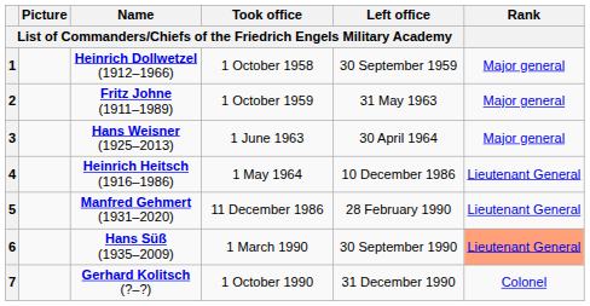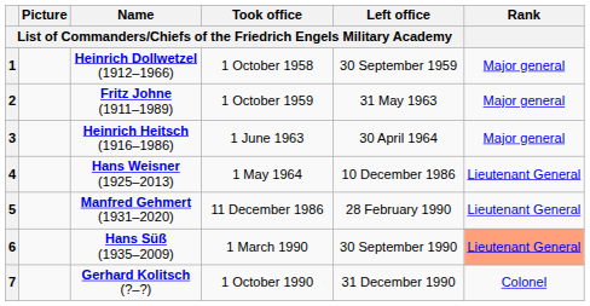 <table class="wikitable" style="text-align:center">
 <tr>
 <th></th>
 <th>Picture</th>
 <th width="150">Name<br></th>
 <th width="150">Took office</th>
 <th width="150">Left office</th>
 <th><strong>Rank</strong></th>
 </tr>
 <tr>
 <th colspan="5" align="center">List of Commanders/Chiefs of the Friedrich Engels Military Academy</th>
 <th></th>
 </tr>
 <tr>
 <th style="background:">1</th>
 <td></td>
 <td><strong><a href='#'>Heinrich Dollwetzel</a></strong><br>(1912–1966)</td>
 <td>1 October 1958</td>
 <td>30 September 1959</td>
 <td><a href='#'>Major general</a></td>
 </tr>
 <tr>
 <th style="background:">2</th>
 <td></td>
 <td><strong><a href='#'>Fritz Johne</a></strong><br>(1911–1989)</td>
 <td>1 October 1959</td>
 <td>31 May 1963</td>
 <td><a href='#'>Major general</a></td>
 </tr>
 <tr>
 <th style="background:">3</th>
 <td></td>
-<td><strong><a href='#'>Hans Weisner</a></strong><br>(1925–2013)</td>
+<td><strong><a href='#'>Heinrich Heitsch</a></strong><br>(1916–1986)</td>
 <td>1 June 1963</td>
 <td>30 April 1964</td>
 <td><a href='#'>Major general</a></td>
 </tr>
 <tr>
 <th style="background:">4</th>
 <td></td>
-<td><strong><a href='#'>Heinrich Heitsch</a></strong><br>(1916–1986)</td>
+<td><strong><a href='#'>Hans Weisner</a></strong><br>(1925–2013)</td>
 <td>1 May 1964</td>
 <td>10 December 1986</td>
 <td><a href='#'>Lieutenant General</a></td>
 </tr>
 <tr>
 <th style="background:">5</th>
 <td></td>
 <td><strong><a href='#'>Manfred Gehmert</a></strong><br>(1931–2020)</td>
 <td>11 December 1986</td>
 <td>28 February 1990</td>
 <td><a href='#'>Lieutenant General</a></td>
 </tr>
 <tr>
 <th style="background:">6</th>
 <td></td>
 <td><strong><a href='#'>Hans Süß</a></strong><br>(1935–2009)</td>
 <td>1 March 1990</td>
 <td>30 September 1990</td>
 <td style="background: lightsalmon;"><a href='#'>Lieutenant General</a></td>
 </tr>
 <tr>
 <th style="background:">7</th>
 <td></td>
 <td><strong><a href='#'>Gerhard Kolitsch</a></strong><br>(?–?)</td>
 <td>1 October 1990</td>
 <td>31 December 1990</td>
 <td><a href='#'>Colonel</a></td>
 </tr>
 </table>
